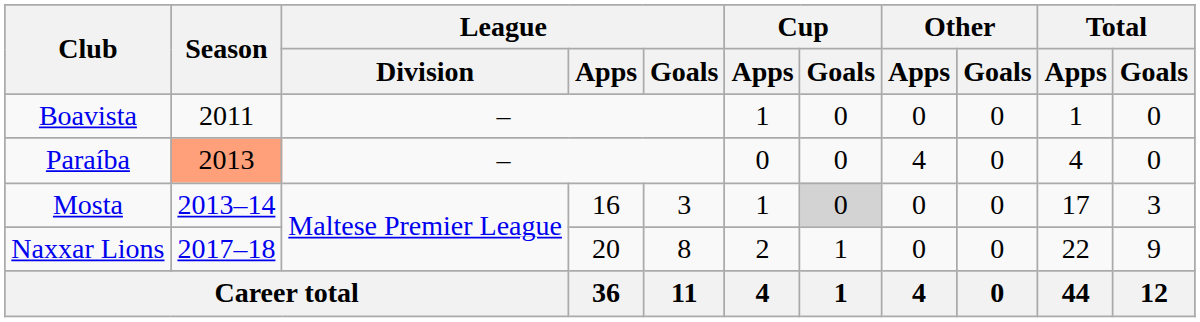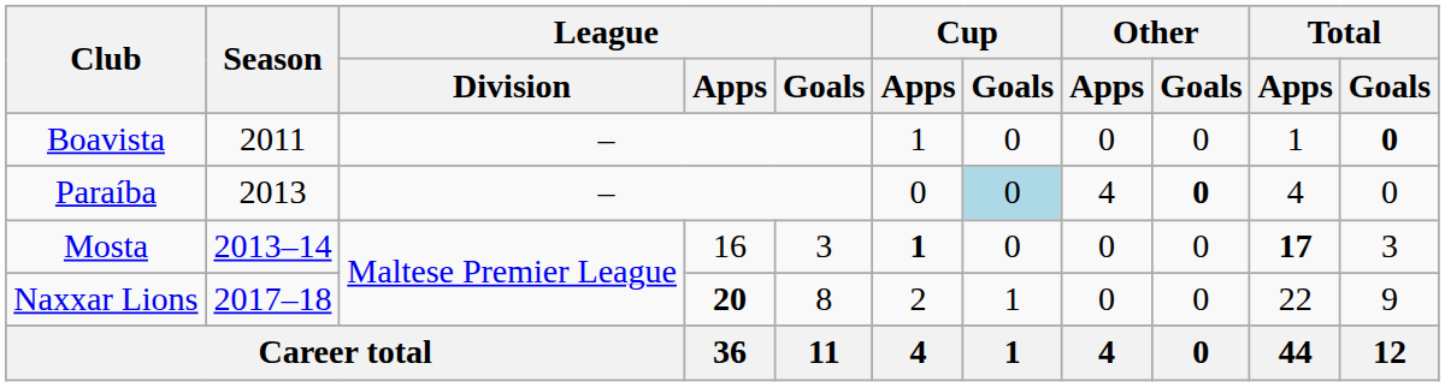 <table class="wikitable" style="text-align: center">
 <tr>
 <th rowspan="2">Club</th>
 <th rowspan="2">Season</th>
 <th colspan="3">League</th>
 <th colspan="2">Cup</th>
 <th colspan="2">Other</th>
 <th colspan="2">Total</th>
 </tr>
 <tr>
 <th>Division</th>
 <th>Apps</th>
 <th>Goals</th>
 <th>Apps</th>
 <th>Goals</th>
 <th>Apps</th>
 <th>Goals</th>
 <th>Apps</th>
 <th>Goals</th>
 </tr>
 <tr>
 <td><a href='#'>Boavista</a></td>
 <td>2011</td>
 <td colspan="3">–</td>
 <td>1</td>
 <td>0</td>
 <td>0</td>
 <td>0</td>
 <td>1</td>
-<td>0</td>
+<td><strong>0</strong></td>
 </tr>
 <tr>
 <td><a href='#'>Paraíba</a></td>
-<td style="background: lightsalmon;">2013</td>
+<td>2013</td>
 <td colspan="3">–</td>
 <td>0</td>
-<td>0</td>
+<td style="background: lightblue;">0</td>
 <td>4</td>
-<td>0</td>
+<td><strong>0</strong></td>
 <td>4</td>
 <td>0</td>
 </tr>
 <tr>
 <td><a href='#'>Mosta</a></td>
 <td><a href='#'>2013–14</a></td>
 <td rowspan="2"><a href='#'>Maltese Premier League</a></td>
 <td>16</td>
 <td>3</td>
-<td>1</td>
-<td style="background: lightgrey;">0</td>
+<td><strong>1</strong></td>
 <td>0</td>
 <td>0</td>
-<td>17</td>
+<td>0</td>
+<td><strong>17</strong></td>
 <td>3</td>
 </tr>
 <tr>
 <td><a href='#'>Naxxar Lions</a></td>
 <td><a href='#'>2017–18</a></td>
-<td>20</td>
+<td><strong>20</strong></td>
 <td>8</td>
 <td>2</td>
 <td>1</td>
 <td>0</td>
 <td>0</td>
 <td>22</td>
 <td>9</td>
 </tr>
 <tr>
 <th colspan="3"><strong>Career total</strong></th>
 <th>36</th>
 <th>11</th>
 <th>4</th>
 <th>1</th>
 <th>4</th>
 <th>0</th>
 <th>44</th>
 <th>12</th>
 </tr>
 </table>
